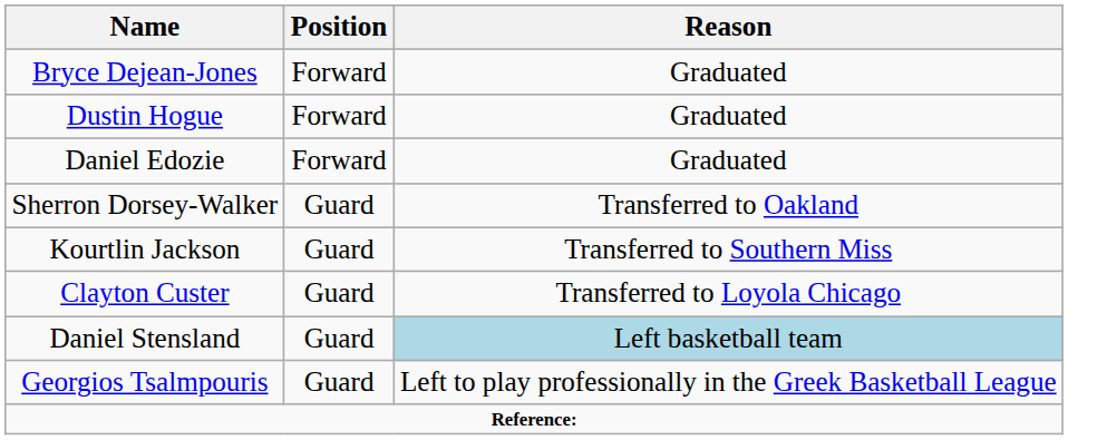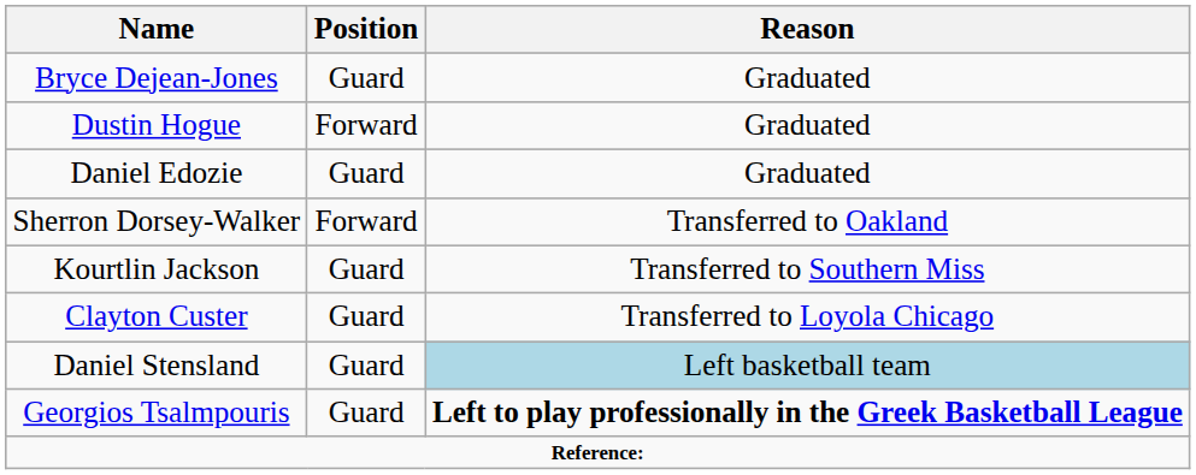 <table class="wikitable" style="text-align: center">
 <tr align=center>
 <th>Name</th>
 <th>Position</th>
 <th>Reason</th>
 </tr>
 <tr>
 <td><a href='#'>Bryce Dejean-Jones</a></td>
-<td>Forward</td>
+<td>Guard</td>
 <td>Graduated</td>
 </tr>
 <tr>
 <td><a href='#'>Dustin Hogue</a></td>
 <td>Forward</td>
 <td>Graduated</td>
 </tr>
 <tr>
 <td>Daniel Edozie</td>
-<td>Forward</td>
+<td>Guard</td>
 <td>Graduated</td>
 </tr>
 <tr>
 <td>Sherron Dorsey-Walker</td>
-<td>Guard</td>
+<td>Forward</td>
 <td>Transferred to <a href='#'>Oakland</a></td>
 </tr>
 <tr>
 <td>Kourtlin Jackson</td>
 <td>Guard</td>
 <td>Transferred to <a href='#'>Southern Miss</a></td>
 </tr>
 <tr>
 <td><a href='#'>Clayton Custer</a></td>
 <td>Guard</td>
 <td>Transferred to <a href='#'>Loyola Chicago</a></td>
 </tr>
 <tr>
 <td>Daniel Stensland</td>
 <td>Guard</td>
 <td style="background: lightblue;">Left basketball team</td>
 </tr>
 <tr>
 <td><a href='#'>Georgios Tsalmpouris</a></td>
 <td>Guard</td>
-<td>Left to play professionally in the <a href='#'>Greek Basketball League</a></td>
+<td><strong>Left to play professionally in the <a href='#'>Greek Basketball League</a></strong></td>
 </tr>
 <tr>
 <td colspan="6"  style="font-size:8pt; text-align:center;"><strong>Reference:</strong></td>
 </tr>
 </table>
